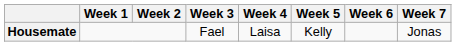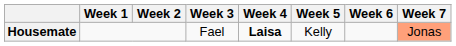 <table class="wikitable" style="text-align:center; font-size:85%; line-height:13px;">
 <tr>
 <th></th>
 <th width=50>Week 1</th>
 <th width=50>Week 2</th>
 <th width=50>Week 3</th>
 <th width=50>Week 4</th>
 <th width=50>Week 5</th>
 <th width=50>Week 6</th>
 <th width=50>Week 7</th>
 </tr>
 <tr>
 <th>Housemate</th>
 <td colspan=2></td>
 <td>Fael</td>
-<td>Laisa</td>
+<td><strong>Laisa</strong></td>
 <td>Kelly</td>
 <td></td>
-<td>Jonas</td>
+<td style="background: lightsalmon;">Jonas</td>
 </tr>
 </table>
